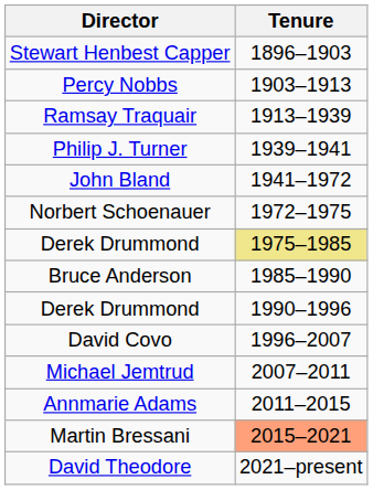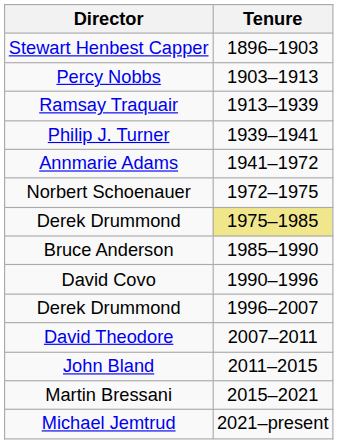 <table class="wikitable" style="text-align:center;">
 <tr>
 <th>Director</th>
 <th>Tenure</th>
 </tr>
 <tr>
 <td><a href='#'>Stewart Henbest Capper</a></td>
 <td>1896–1903</td>
 </tr>
 <tr>
 <td><a href='#'>Percy Nobbs</a></td>
 <td>1903–1913</td>
 </tr>
 <tr>
 <td><a href='#'>Ramsay Traquair</a></td>
 <td>1913–1939</td>
 </tr>
 <tr>
 <td><a href='#'>Philip J. Turner</a></td>
 <td>1939–1941</td>
 </tr>
 <tr>
-<td><a href='#'>John Bland</a></td>
+<td><a href='#'>Annmarie Adams</a></td>
 <td>1941–1972</td>
 </tr>
 <tr>
 <td>Norbert Schoenauer</td>
 <td>1972–1975</td>
 </tr>
 <tr>
 <td>Derek Drummond</td>
 <td style="background: khaki;">1975–1985</td>
 </tr>
 <tr>
 <td>Bruce Anderson</td>
 <td>1985–1990</td>
 </tr>
 <tr>
-<td>Derek Drummond</td>
+<td>David Covo</td>
 <td>1990–1996</td>
 </tr>
 <tr>
-<td>David Covo</td>
+<td>Derek Drummond</td>
 <td>1996–2007</td>
 </tr>
 <tr>
-<td><a href='#'>Michael Jemtrud</a></td>
+<td><a href='#'>David Theodore</a></td>
 <td>2007–2011</td>
 </tr>
 <tr>
-<td><a href='#'>Annmarie Adams</a></td>
+<td><a href='#'>John Bland</a></td>
 <td>2011–2015</td>
 </tr>
 <tr>
 <td>Martin Bressani</td>
-<td style="background: lightsalmon;">2015–2021</td>
+<td>2015–2021</td>
 </tr>
 <tr>
-<td><a href='#'>David Theodore</a></td>
+<td><a href='#'>Michael Jemtrud</a></td>
 <td>2021–present</td>
 </tr>
 </table>
